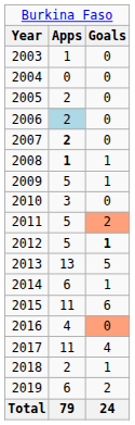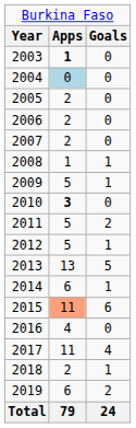 <table class="wikitable" style="text-align:center">
 <tr>
 <td colspan="3"><a href='#'>Burkina Faso</a></td>
 </tr>
 <tr>
 <th>Year</th>
 <th>Apps</th>
 <th>Goals</th>
 </tr>
 <tr>
 <td>2003</td>
-<td>1</td>
+<td><strong>1</strong></td>
 <td>0</td>
 </tr>
 <tr>
 <td>2004</td>
-<td>0</td>
+<td style="background: lightblue;">0</td>
 <td>0</td>
 </tr>
 <tr>
 <td>2005</td>
 <td>2</td>
 <td>0</td>
 </tr>
 <tr>
 <td>2006</td>
-<td style="background: lightblue;">2</td>
+<td>2</td>
 <td>0</td>
 </tr>
 <tr>
 <td>2007</td>
-<td><strong>2</strong></td>
+<td>2</td>
 <td>0</td>
 </tr>
 <tr>
 <td>2008</td>
-<td><strong>1</strong></td>
+<td>1</td>
 <td>1</td>
 </tr>
 <tr>
 <td>2009</td>
 <td>5</td>
 <td>1</td>
 </tr>
 <tr>
 <td>2010</td>
-<td>3</td>
+<td><strong>3</strong></td>
 <td>0</td>
 </tr>
 <tr>
 <td>2011</td>
 <td>5</td>
-<td style="background: lightsalmon;">2</td>
+<td>2</td>
 </tr>
 <tr>
 <td>2012</td>
 <td>5</td>
-<td><strong>1</strong></td>
+<td>1</td>
 </tr>
 <tr>
 <td>2013</td>
 <td>13</td>
 <td>5</td>
 </tr>
 <tr>
 <td>2014</td>
 <td>6</td>
 <td>1</td>
 </tr>
 <tr>
 <td>2015</td>
-<td>11</td>
+<td style="background: lightsalmon;">11</td>
 <td>6</td>
 </tr>
 <tr>
 <td>2016</td>
 <td>4</td>
-<td style="background: lightsalmon;">0</td>
+<td>0</td>
 </tr>
 <tr>
 <td>2017</td>
 <td>11</td>
 <td>4</td>
 </tr>
 <tr>
 <td>2018</td>
 <td>2</td>
 <td>1</td>
 </tr>
 <tr>
 <td>2019</td>
 <td>6</td>
 <td>2</td>
 </tr>
 <tr>
 <th>Total</th>
 <th>79</th>
 <th>24</th>
 </tr>
 </table>
